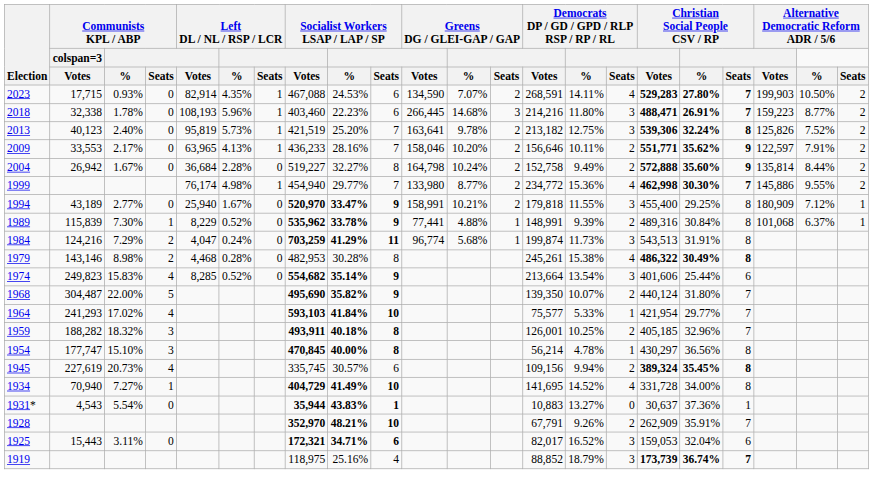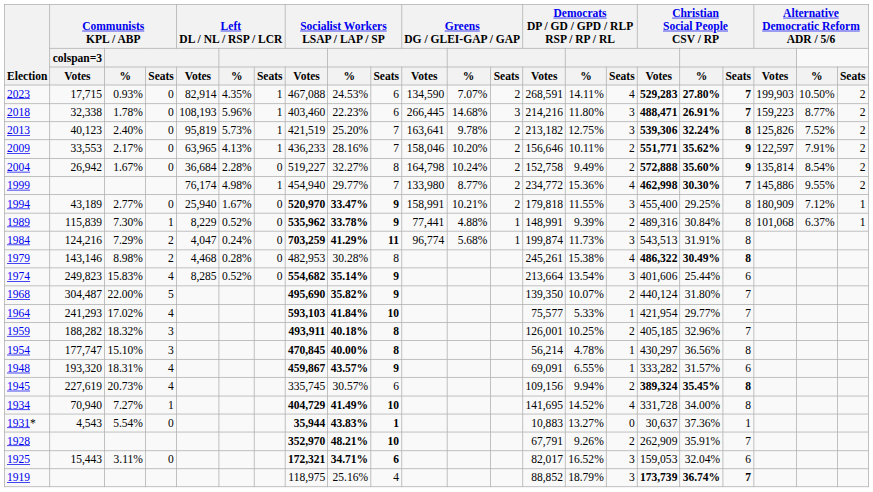 <table class="wikitable" border="1" style="font-size:100%; text-align:right;">
 <tr>
 <th style="text-align:left;" valign=bottom rowspan=3>Election</th>
 <th valign=bottom colspan=3><a href='#'>Communists</a><br>KPL / ABP</th>
 <th valign=bottom colspan=3><a href='#'>Left</a><br>DL / NL / RSP / LCR</th>
 <th valign=bottom colspan=3><a href='#'>Socialist Workers</a><br>LSAP / LAP / SP</th>
 <th valign=bottom colspan=3><a href='#'>Greens</a><br>DG / GLEI-GAP / GAP</th>
 <th valign=bottom colspan=3><a href='#'>Democrats</a><br>DP / GD / GPD / RLP<br>RSP / RP / RL</th>
 <th valign=bottom colspan=3><a href='#'>Christian<br>Social People</a><br>CSV / RP</th>
 <th valign=bottom colspan=3><a href='#'>Alternative<br>Democratic Reform</a><br>ADR / 5/6</th>
 </tr>
 <tr>
 <th>colspan=3 </th>
 <th colspan=3 style="background:"></th>
 <th colspan=3 style="background:"></th>
 <th colspan=3 style="background:"></th>
 <th colspan=3 style="background:"></th>
 <th colspan=3 style="background:"></th>
 <th colspan=3 style="background:"></th>
 </tr>
 <tr>
 <th>Votes</th>
 <th>%</th>
 <th>Seats</th>
 <th>Votes</th>
 <th>%</th>
 <th>Seats</th>
 <th>Votes</th>
 <th>%</th>
 <th>Seats</th>
 <th>Votes</th>
 <th>%</th>
 <th>Seats</th>
 <th>Votes</th>
 <th>%</th>
 <th>Seats</th>
 <th>Votes</th>
 <th>%</th>
 <th>Seats</th>
 <th>Votes</th>
 <th>%</th>
 <th>Seats</th>
 </tr>
 <tr>
 <td align=left><a href='#'>2023</a></td>
 <td>17,715</td>
 <td>0.93%</td>
 <td>0</td>
 <td>82,914</td>
 <td>4.35%</td>
 <td>1</td>
 <td>467,088</td>
 <td>24.53%</td>
 <td>6</td>
 <td>134,590</td>
 <td>7.07%</td>
 <td>2</td>
 <td>268,591</td>
 <td>14.11%</td>
 <td>4</td>
 <td><strong>529,283</strong></td>
 <td><strong>27.80%</strong></td>
 <td><strong>7</strong></td>
 <td>199,903</td>
 <td>10.50%</td>
 <td>2</td>
 </tr>
 <tr>
 <td align=left><a href='#'>2018</a></td>
 <td>32,338</td>
 <td>1.78%</td>
 <td>0</td>
 <td>108,193</td>
 <td>5.96%</td>
 <td>1</td>
 <td>403,460</td>
 <td>22.23%</td>
 <td>6</td>
 <td>266,445</td>
 <td>14.68%</td>
 <td>3</td>
 <td>214,216</td>
 <td>11.80%</td>
 <td>3</td>
 <td><strong>488,471</strong></td>
 <td><strong>26.91%</strong></td>
 <td><strong>7</strong></td>
 <td>159,223</td>
 <td>8.77%</td>
 <td>2</td>
 </tr>
 <tr>
 <td align=left><a href='#'>2013</a></td>
 <td>40,123</td>
 <td>2.40%</td>
 <td>0</td>
 <td>95,819</td>
 <td>5.73%</td>
 <td>1</td>
 <td>421,519</td>
 <td>25.20%</td>
 <td>7</td>
 <td>163,641</td>
 <td>9.78%</td>
 <td>2</td>
 <td>213,182</td>
 <td>12.75%</td>
 <td>3</td>
 <td><strong>539,306</strong></td>
 <td><strong>32.24%</strong></td>
 <td><strong>8</strong></td>
 <td>125,826</td>
 <td>7.52%</td>
 <td>2</td>
 </tr>
 <tr>
 <td align=left><a href='#'>2009</a></td>
 <td>33,553</td>
 <td>2.17%</td>
 <td>0</td>
 <td>63,965</td>
 <td>4.13%</td>
 <td>1</td>
 <td>436,233</td>
 <td>28.16%</td>
 <td>7</td>
 <td>158,046</td>
 <td>10.20%</td>
 <td>2</td>
 <td>156,646</td>
 <td>10.11%</td>
 <td>2</td>
 <td><strong>551,771</strong></td>
 <td><strong>35.62%</strong></td>
 <td><strong>9</strong></td>
 <td>122,597</td>
 <td>7.91%</td>
 <td>2</td>
 </tr>
 <tr>
 <td align=left><a href='#'>2004</a></td>
 <td>26,942</td>
 <td>1.67%</td>
 <td>0</td>
 <td>36,684</td>
 <td>2.28%</td>
 <td>0</td>
 <td>519,227</td>
 <td>32.27%</td>
 <td>8</td>
 <td>164,798</td>
 <td>10.24%</td>
 <td>2</td>
 <td>152,758</td>
 <td>9.49%</td>
 <td>2</td>
 <td><strong>572,888</strong></td>
 <td><strong>35.60%</strong></td>
 <td><strong>9</strong></td>
 <td>135,814</td>
-<td>8.44%</td>
+<td>8.54%</td>
 <td>2</td>
 </tr>
 <tr>
 <td align=left><a href='#'>1999</a></td>
 <td></td>
 <td></td>
 <td></td>
 <td>76,174</td>
 <td>4.98%</td>
 <td>1</td>
 <td>454,940</td>
 <td>29.77%</td>
 <td>7</td>
 <td>133,980</td>
 <td>8.77%</td>
 <td>2</td>
 <td>234,772</td>
 <td>15.36%</td>
 <td>4</td>
 <td><strong>462,998</strong></td>
 <td><strong>30.30%</strong></td>
 <td><strong>7</strong></td>
 <td>145,886</td>
 <td>9.55%</td>
 <td>2</td>
 </tr>
 <tr>
 <td align=left><a href='#'>1994</a></td>
 <td>43,189</td>
 <td>2.77%</td>
 <td>0</td>
 <td>25,940</td>
 <td>1.67%</td>
 <td>0</td>
 <td><strong>520,970</strong></td>
 <td><strong>33.47%</strong></td>
 <td><strong>9</strong></td>
 <td>158,991</td>
 <td>10.21%</td>
 <td>2</td>
 <td>179,818</td>
 <td>11.55%</td>
 <td>3</td>
 <td>455,400</td>
 <td>29.25%</td>
 <td>8</td>
 <td>180,909</td>
 <td>7.12%</td>
 <td>1</td>
 </tr>
 <tr>
 <td align=left><a href='#'>1989</a></td>
 <td>115,839</td>
 <td>7.30%</td>
 <td>1</td>
 <td>8,229</td>
 <td>0.52%</td>
 <td>0</td>
 <td><strong>535,962</strong></td>
 <td><strong>33.78%</strong></td>
 <td><strong>9</strong></td>
 <td>77,441</td>
 <td>4.88%</td>
 <td>1</td>
 <td>148,991</td>
 <td>9.39%</td>
 <td>2</td>
 <td>489,316</td>
 <td>30.84%</td>
 <td>8</td>
 <td>101,068</td>
 <td>6.37%</td>
 <td>1</td>
 </tr>
 <tr>
 <td align=left><a href='#'>1984</a></td>
 <td>124,216</td>
 <td>7.29%</td>
 <td>2</td>
 <td>4,047</td>
 <td>0.24%</td>
 <td>0</td>
 <td><strong>703,259</strong></td>
 <td><strong>41.29%</strong></td>
 <td><strong>11</strong></td>
 <td>96,774</td>
 <td>5.68%</td>
 <td>1</td>
 <td>199,874</td>
 <td>11.73%</td>
 <td>3</td>
 <td>543,513</td>
 <td>31.91%</td>
 <td>8</td>
 <td></td>
 <td></td>
 <td></td>
 </tr>
 <tr>
 <td align=left><a href='#'>1979</a></td>
 <td>143,146</td>
 <td>8.98%</td>
 <td>2</td>
 <td>4,468</td>
 <td>0.28%</td>
 <td>0</td>
 <td>482,953</td>
 <td>30.28%</td>
 <td>8</td>
 <td></td>
 <td></td>
 <td></td>
 <td>245,261</td>
 <td>15.38%</td>
 <td>4</td>
 <td><strong>486,322</strong></td>
 <td><strong>30.49%</strong></td>
 <td><strong>8</strong></td>
 <td></td>
 <td></td>
 <td></td>
 </tr>
 <tr>
 <td align=left><a href='#'>1974</a></td>
 <td>249,823</td>
 <td>15.83%</td>
 <td>4</td>
 <td>8,285</td>
 <td>0.52%</td>
 <td>0</td>
 <td><strong>554,682</strong></td>
 <td><strong>35.14%</strong></td>
 <td><strong>9</strong></td>
 <td></td>
 <td></td>
 <td></td>
 <td>213,664</td>
 <td>13.54%</td>
 <td>3</td>
 <td>401,606</td>
 <td>25.44%</td>
 <td>6</td>
 <td></td>
 <td></td>
 <td></td>
 </tr>
 <tr>
 <td align=left><a href='#'>1968</a></td>
 <td>304,487</td>
 <td>22.00%</td>
 <td>5</td>
 <td></td>
 <td></td>
 <td></td>
 <td><strong>495,690</strong></td>
 <td><strong>35.82%</strong></td>
 <td><strong>9</strong></td>
 <td></td>
 <td></td>
 <td></td>
 <td>139,350</td>
 <td>10.07%</td>
 <td>2</td>
 <td>440,124</td>
 <td>31.80%</td>
 <td>7</td>
 <td></td>
 <td></td>
 <td></td>
 </tr>
 <tr>
 <td align=left><a href='#'>1964</a></td>
 <td>241,293</td>
 <td>17.02%</td>
 <td>4</td>
 <td></td>
 <td></td>
 <td></td>
 <td><strong>593,103</strong></td>
 <td><strong>41.84%</strong></td>
 <td><strong>10</strong></td>
 <td></td>
 <td></td>
 <td></td>
 <td>75,577</td>
 <td>5.33%</td>
 <td>1</td>
 <td>421,954</td>
 <td>29.77%</td>
 <td>7</td>
 <td></td>
 <td></td>
 <td></td>
 </tr>
 <tr>
 <td align=left><a href='#'>1959</a></td>
 <td>188,282</td>
 <td>18.32%</td>
 <td>3</td>
 <td></td>
 <td></td>
 <td></td>
 <td><strong>493,911</strong></td>
 <td><strong>40.18%</strong></td>
 <td><strong>8</strong></td>
 <td></td>
 <td></td>
 <td></td>
 <td>126,001</td>
 <td>10.25%</td>
 <td>2</td>
 <td>405,185</td>
 <td>32.96%</td>
 <td>7</td>
 <td></td>
 <td></td>
 <td></td>
 </tr>
 <tr>
 <td align=left><a href='#'>1954</a></td>
 <td>177,747</td>
 <td>15.10%</td>
 <td>3</td>
 <td></td>
 <td></td>
 <td></td>
 <td><strong>470,845</strong></td>
 <td><strong>40.00%</strong></td>
 <td><strong>8</strong></td>
 <td></td>
 <td></td>
 <td></td>
 <td>56,214</td>
 <td>4.78%</td>
 <td>1</td>
 <td>430,297</td>
 <td>36.56%</td>
 <td>8</td>
 <td></td>
 <td></td>
 <td></td>
 </tr>
 <tr>
+<td align=left><a href='#'>1948</a></td>
+<td>193,320</td>
+<td>18.31%</td>
+<td>4</td>
+<td></td>
+<td></td>
+<td></td>
+<td><strong>459,867</strong></td>
+<td><strong>43.57%</strong></td>
+<td><strong>9</strong></td>
+<td></td>
+<td></td>
+<td></td>
+<td>69,091</td>
+<td>6.55%</td>
+<td>1</td>
+<td>333,282</td>
+<td>31.57%</td>
+<td>6</td>
+<td></td>
+<td></td>
+<td></td>
+</tr>
+<tr>
 <td align=left><a href='#'>1945</a></td>
 <td>227,619</td>
 <td>20.73%</td>
 <td>4</td>
 <td></td>
 <td></td>
 <td></td>
 <td>335,745</td>
 <td>30.57%</td>
 <td>6</td>
 <td></td>
 <td></td>
 <td></td>
 <td>109,156</td>
 <td>9.94%</td>
 <td>2</td>
 <td><strong>389,324</strong></td>
 <td><strong>35.45%</strong></td>
 <td><strong>8</strong></td>
 <td></td>
 <td></td>
 <td></td>
 </tr>
 <tr>
 <td align=left><a href='#'>1934</a></td>
 <td>70,940</td>
 <td>7.27%</td>
 <td>1</td>
 <td></td>
 <td></td>
 <td></td>
 <td><strong>404,729</strong></td>
 <td><strong>41.49%</strong></td>
 <td><strong>10</strong></td>
 <td></td>
 <td></td>
 <td></td>
 <td>141,695</td>
 <td>14.52%</td>
 <td>4</td>
 <td>331,728</td>
 <td>34.00%</td>
 <td>8</td>
 <td></td>
 <td></td>
 <td></td>
 </tr>
 <tr>
 <td align=left><a href='#'>1931</a>*</td>
 <td>4,543</td>
 <td>5.54%</td>
 <td>0</td>
 <td></td>
 <td></td>
 <td></td>
 <td><strong>35,944</strong></td>
 <td><strong>43.83%</strong></td>
 <td><strong>1</strong></td>
 <td></td>
 <td></td>
 <td></td>
 <td>10,883</td>
 <td>13.27%</td>
 <td>0</td>
 <td>30,637</td>
 <td>37.36%</td>
 <td>1</td>
 <td></td>
 <td></td>
 <td></td>
 </tr>
 <tr>
 <td align=left><a href='#'>1928</a></td>
 <td></td>
 <td></td>
 <td></td>
 <td></td>
 <td></td>
 <td></td>
 <td><strong>352,970</strong></td>
 <td><strong>48.21%</strong></td>
 <td><strong>10</strong></td>
 <td></td>
 <td></td>
 <td></td>
 <td>67,791</td>
 <td>9.26%</td>
 <td>2</td>
 <td>262,909</td>
 <td>35.91%</td>
 <td>7</td>
 <td></td>
 <td></td>
 <td></td>
 </tr>
 <tr>
 <td align=left><a href='#'>1925</a></td>
 <td>15,443</td>
 <td>3.11%</td>
 <td>0</td>
 <td></td>
 <td></td>
 <td></td>
 <td><strong>172,321</strong></td>
 <td><strong>34.71%</strong></td>
 <td><strong>6</strong></td>
 <td></td>
 <td></td>
 <td></td>
 <td>82,017</td>
 <td>16.52%</td>
 <td>3</td>
 <td>159,053</td>
 <td>32.04%</td>
 <td>6</td>
 <td></td>
 <td></td>
 <td></td>
 </tr>
 <tr>
 <td align=left><a href='#'>1919</a></td>
 <td></td>
 <td></td>
 <td></td>
 <td></td>
 <td></td>
 <td></td>
 <td>118,975</td>
 <td>25.16%</td>
 <td>4</td>
 <td></td>
 <td></td>
 <td></td>
 <td>88,852</td>
 <td>18.79%</td>
 <td>3</td>
 <td><strong>173,739</strong></td>
 <td><strong>36.74%</strong></td>
 <td><strong>7</strong></td>
 <td></td>
 <td></td>
 <td></td>
 </tr>
 </table>
